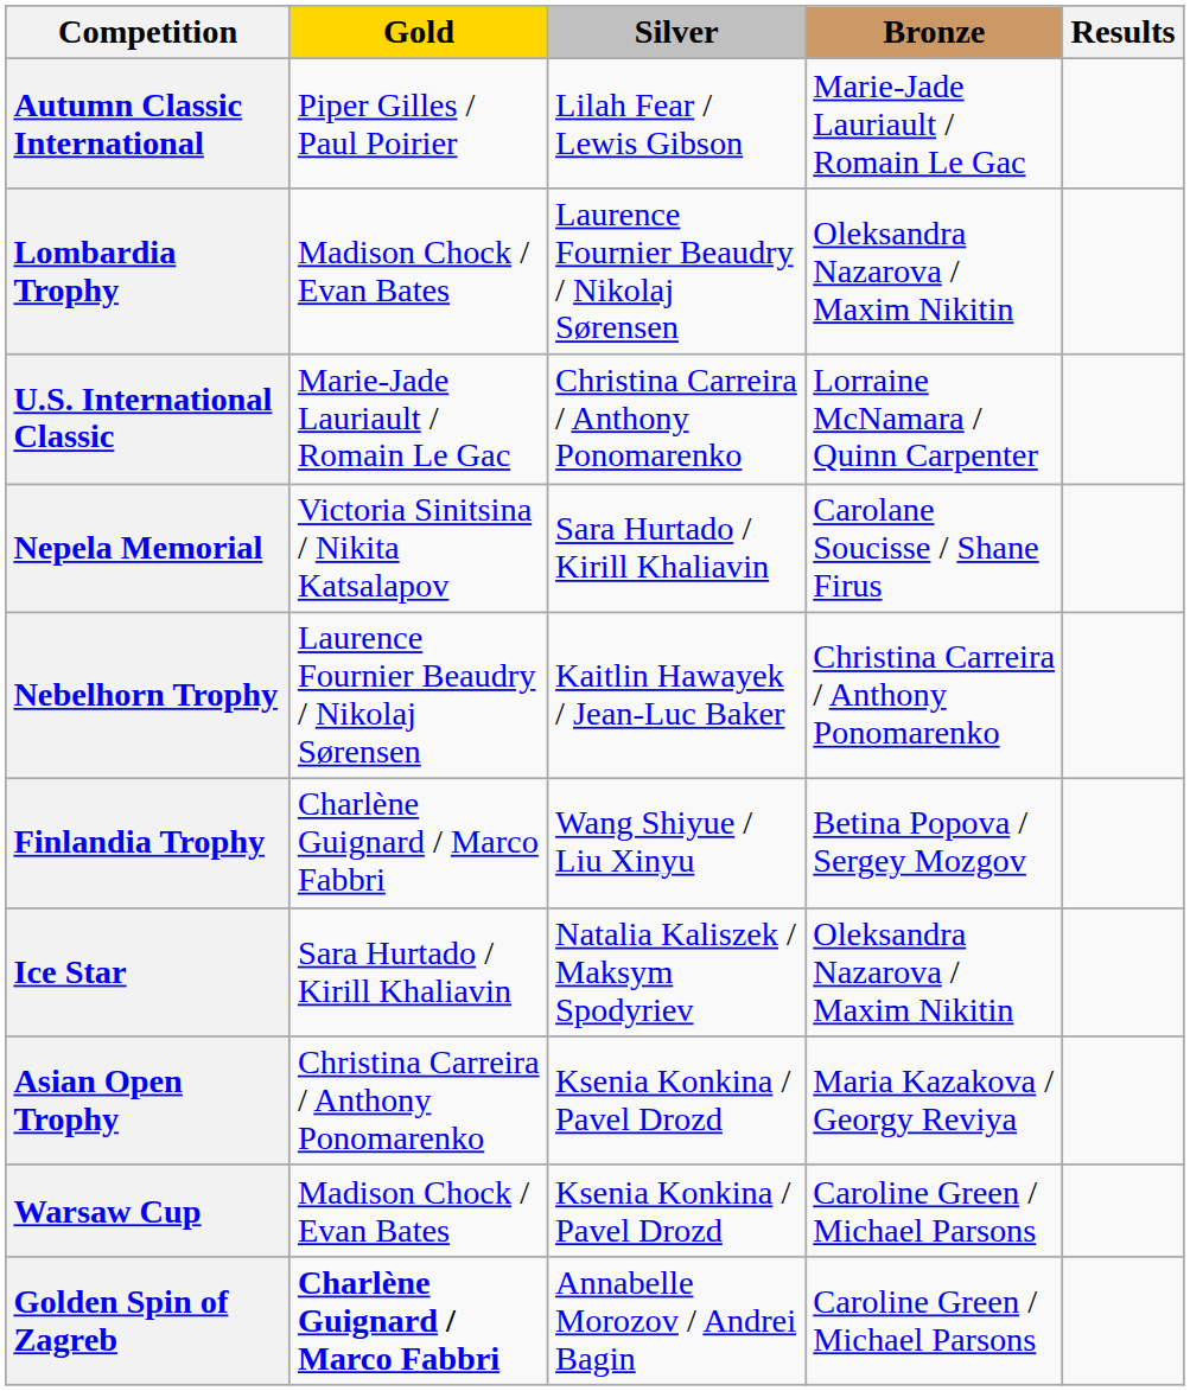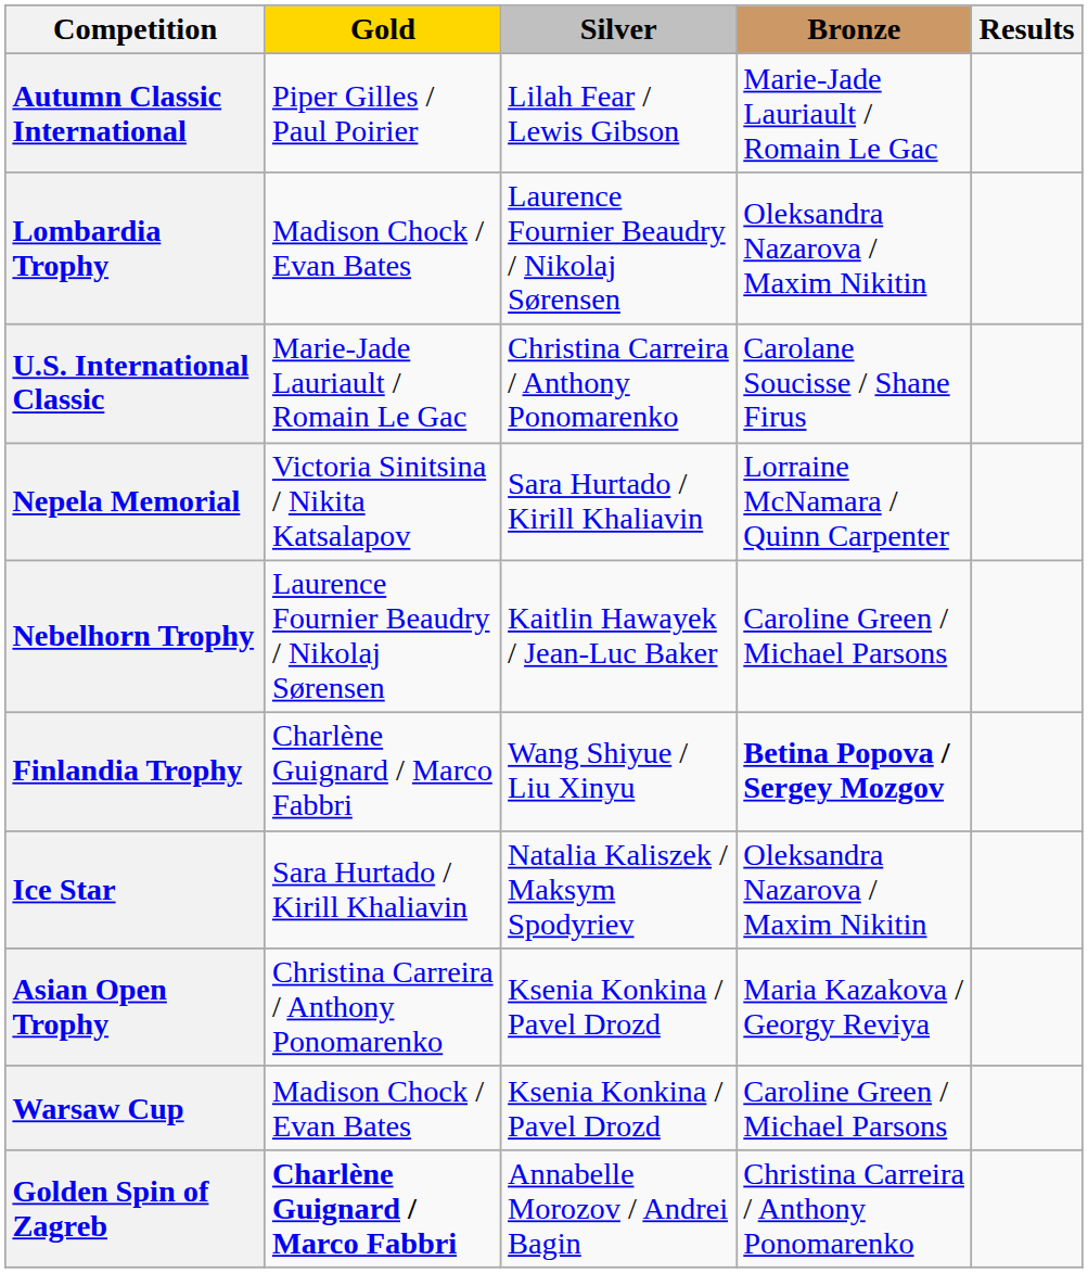 <table class="wikitable unsortable" style="text-align:left; width:90%;">
 <tr>
 <th scope="col" style="text-align:center; width:25%;">Competition</th>
 <td scope="col" style="text-align:center; width:22.5%; background:gold"><strong>Gold</strong></td>
 <td scope="col" style="text-align:center; width:22.5%; background:silver"><strong>Silver</strong></td>
 <td scope="col" style="text-align:center; width:22.5%; background:#c96"><strong>Bronze</strong></td>
 <th scope="col" style="text-align:center; width:7.5%;">Results</th>
 </tr>
 <tr>
 <th scope="row" style="text-align:left"> <a href='#'>Autumn Classic International</a></th>
 <td> <a href='#'>Piper Gilles</a> / <a href='#'>Paul Poirier</a></td>
 <td> <a href='#'>Lilah Fear</a> / <a href='#'>Lewis Gibson</a></td>
 <td> <a href='#'>Marie-Jade Lauriault</a> / <a href='#'>Romain Le Gac</a></td>
 <td></td>
 </tr>
 <tr>
 <th scope="row" style="text-align:left"> <a href='#'>Lombardia Trophy</a></th>
 <td> <a href='#'>Madison Chock</a> / <a href='#'>Evan Bates</a></td>
 <td> <a href='#'>Laurence Fournier Beaudry</a> / <a href='#'>Nikolaj Sørensen</a></td>
 <td> <a href='#'>Oleksandra Nazarova</a> / <a href='#'>Maxim Nikitin</a></td>
 <td></td>
 </tr>
 <tr>
 <th scope="row" style="text-align:left"> <a href='#'>U.S. International Classic</a></th>
 <td> <a href='#'>Marie-Jade Lauriault</a> / <a href='#'>Romain Le Gac</a></td>
 <td> <a href='#'>Christina Carreira</a> / <a href='#'>Anthony Ponomarenko</a></td>
-<td> <a href='#'>Lorraine McNamara</a> / <a href='#'>Quinn Carpenter</a></td>
+<td> <a href='#'>Carolane Soucisse</a> / <a href='#'>Shane Firus</a></td>
 <td></td>
 </tr>
 <tr>
 <th scope="row" style="text-align:left"> <a href='#'>Nepela Memorial</a></th>
 <td> <a href='#'>Victoria Sinitsina</a> / <a href='#'>Nikita Katsalapov</a></td>
 <td> <a href='#'>Sara Hurtado</a> / <a href='#'>Kirill Khaliavin</a></td>
-<td> <a href='#'>Carolane Soucisse</a> / <a href='#'>Shane Firus</a></td>
+<td> <a href='#'>Lorraine McNamara</a> / <a href='#'>Quinn Carpenter</a></td>
 <td></td>
 </tr>
 <tr>
 <th scope="row" style="text-align:left"> <a href='#'>Nebelhorn Trophy</a></th>
 <td> <a href='#'>Laurence Fournier Beaudry</a> / <a href='#'>Nikolaj Sørensen</a></td>
 <td> <a href='#'>Kaitlin Hawayek</a> / <a href='#'>Jean-Luc Baker</a></td>
-<td> <a href='#'>Christina Carreira</a> / <a href='#'>Anthony Ponomarenko</a></td>
+<td> <a href='#'>Caroline Green</a> / <a href='#'>Michael Parsons</a></td>
 <td></td>
 </tr>
 <tr>
 <th scope="row" style="text-align:left"> <a href='#'>Finlandia Trophy</a></th>
 <td> <a href='#'>Charlène Guignard</a> / <a href='#'>Marco Fabbri</a></td>
 <td> <a href='#'>Wang Shiyue</a> / <a href='#'>Liu Xinyu</a></td>
-<td> <a href='#'>Betina Popova</a> / <a href='#'>Sergey Mozgov</a></td>
+<td><strong> <a href='#'>Betina Popova</a> / <a href='#'>Sergey Mozgov</a></strong></td>
 <td></td>
 </tr>
 <tr>
 <th scope="row" style="text-align:left"> <a href='#'>Ice Star</a></th>
 <td> <a href='#'>Sara Hurtado</a> / <a href='#'>Kirill Khaliavin</a></td>
 <td> <a href='#'>Natalia Kaliszek</a> / <a href='#'>Maksym Spodyriev</a></td>
 <td> <a href='#'>Oleksandra Nazarova</a> / <a href='#'>Maxim Nikitin</a></td>
 <td></td>
 </tr>
 <tr>
 <th scope="row" style="text-align:left"> <a href='#'>Asian Open Trophy</a></th>
 <td> <a href='#'>Christina Carreira</a> / <a href='#'>Anthony Ponomarenko</a></td>
 <td> <a href='#'>Ksenia Konkina</a> / <a href='#'>Pavel Drozd</a></td>
 <td> <a href='#'>Maria Kazakova</a> / <a href='#'>Georgy Reviya</a></td>
 <td></td>
 </tr>
 <tr>
 <th scope="row" style="text-align:left"> <a href='#'>Warsaw Cup</a></th>
 <td> <a href='#'>Madison Chock</a> / <a href='#'>Evan Bates</a></td>
 <td> <a href='#'>Ksenia Konkina</a> / <a href='#'>Pavel Drozd</a></td>
 <td> <a href='#'>Caroline Green</a> / <a href='#'>Michael Parsons</a></td>
 <td></td>
 </tr>
 <tr>
 <th scope="row" style="text-align:left"> <a href='#'>Golden Spin of Zagreb</a></th>
 <td><strong> <a href='#'>Charlène Guignard</a> / <a href='#'>Marco Fabbri</a></strong></td>
 <td> <a href='#'>Annabelle Morozov</a> / <a href='#'>Andrei Bagin</a></td>
-<td> <a href='#'>Caroline Green</a> / <a href='#'>Michael Parsons</a></td>
+<td> <a href='#'>Christina Carreira</a> / <a href='#'>Anthony Ponomarenko</a></td>
 <td></td>
 </tr>
 </table>
